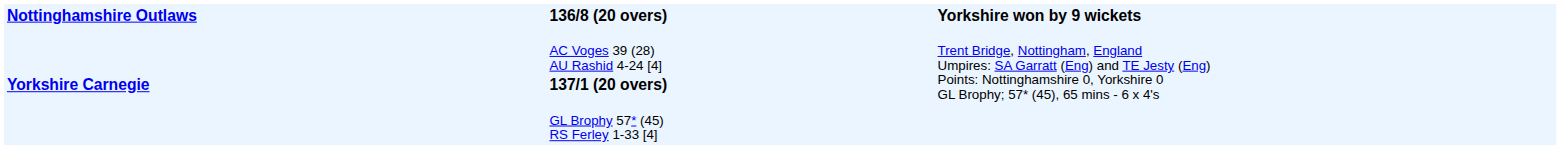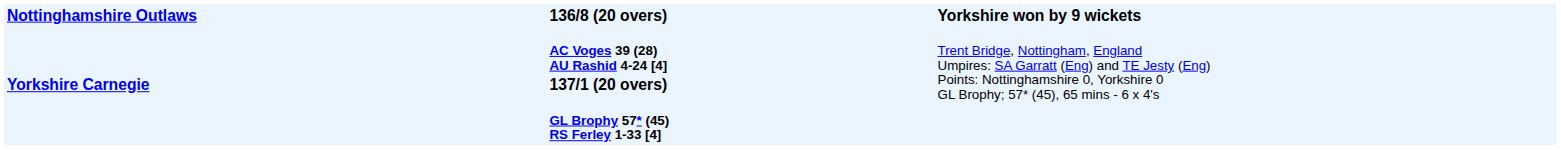 <table style="width:100%; background:#ebf5ff;">
 <tr>
 <td style="width:35%; vertical-align:top;" rowspan="2"><strong><a href='#'>Nottinghamshire Outlaws</a></strong></td>
 <td style="width:25%;"><strong>136/8 (20 overs)</strong></td>
 <td style="width:40%;"><strong>Yorkshire won by 9 wickets</strong></td>
 </tr>
 <tr>
-<td style="font-size: 85%;"><br><a href='#'>AC Voges</a> 39 (28)<br> <a href='#'>AU Rashid</a> 4-24 [4]</td>
+<td style="font-size: 85%;"><strong><br><a href='#'>AC Voges</a> 39 (28)<br> <a href='#'>AU Rashid</a> 4-24 [4]</strong></td>
 <td style="vertical-align:top; font-size:85%;" rowspan="3"><br><a href='#'>Trent Bridge</a>, <a href='#'>Nottingham</a>, <a href='#'>England</a><br> Umpires: <a href='#'>SA Garratt</a> (<a href='#'>Eng</a>) and <a href='#'>TE Jesty</a> (<a href='#'>Eng</a>)<br> Points: Nottinghamshire 0, Yorkshire 0<br>GL Brophy; 57* (45), 65 mins - 6 x 4's</td>
 </tr>
 <tr>
 <td style="vertical-align:top;" rowspan="2"><strong><a href='#'>Yorkshire Carnegie</a></strong></td>
 <td><strong>137/1 (20 overs)</strong></td>
 </tr>
 <tr>
-<td style="font-size: 85%;"><br><a href='#'>GL Brophy</a> 57<a href='#'>*</a> (45)<br> <a href='#'>RS Ferley</a> 1-33 [4]</td>
+<td style="font-size: 85%;"><strong><br><a href='#'>GL Brophy</a> 57<a href='#'>*</a> (45)<br> <a href='#'>RS Ferley</a> 1-33 [4]</strong></td>
 </tr>
 </table>
